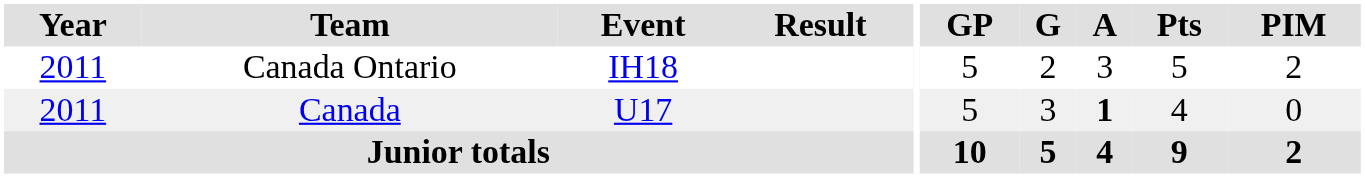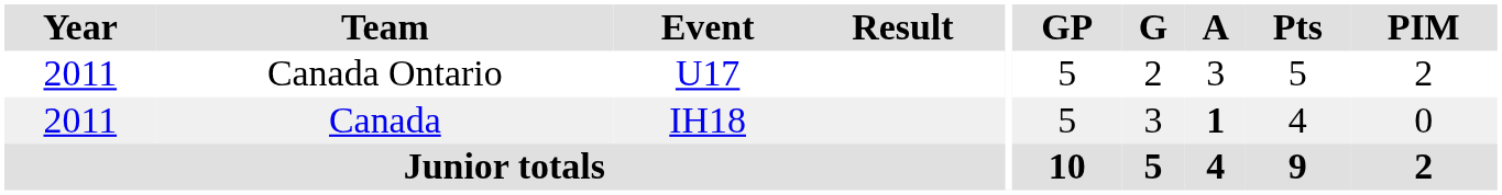 <table border="0" cellpadding="1" cellspacing="0" ID="Table3" style="text-align:center; width:40em">
 <tr ALIGN="center" bgcolor="#e0e0e0">
 <th>Year</th>
 <th>Team</th>
 <th>Event</th>
 <th>Result</th>
 <th rowspan="99" bgcolor="#ffffff"></th>
 <th>GP</th>
 <th>G</th>
 <th>A</th>
 <th>Pts</th>
 <th>PIM</th>
 </tr>
 <tr>
 <td><a href='#'>2011</a></td>
 <td>Canada Ontario</td>
-<td><a href='#'>IH18</a></td>
+<td><a href='#'>U17</a></td>
 <td></td>
 <td>5</td>
 <td>2</td>
 <td>3</td>
 <td>5</td>
 <td>2</td>
 </tr>
 <tr bgcolor="#f0f0f0">
 <td><a href='#'>2011</a></td>
 <td><a href='#'>Canada</a></td>
-<td><a href='#'>U17</a></td>
+<td><a href='#'>IH18</a></td>
 <td></td>
 <td>5</td>
 <td>3</td>
 <td><strong>1</strong></td>
 <td>4</td>
 <td>0</td>
 </tr>
 <tr ALIGN="center" bgcolor="#e0e0e0">
 <th colspan=4>Junior totals</th>
 <th>10</th>
 <th>5</th>
 <th>4</th>
 <th>9</th>
 <th>2</th>
 </tr>
 </table>
